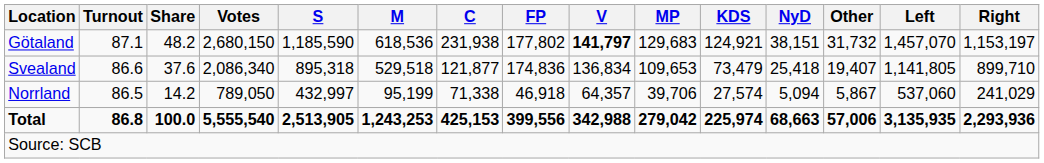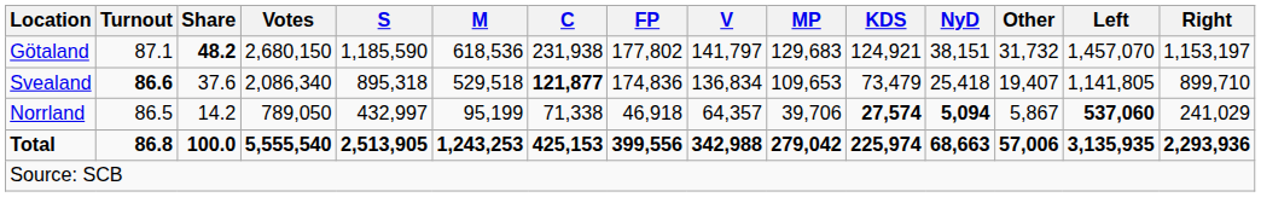 <table class="wikitable sortable" style=text-align:right>
 <tr>
 <th>Location</th>
 <th>Turnout</th>
 <th>Share</th>
 <th>Votes</th>
 <th><a href='#'>S</a></th>
 <th><a href='#'>M</a></th>
 <th><a href='#'>C</a></th>
 <th><a href='#'>FP</a></th>
 <th><a href='#'>V</a></th>
 <th><a href='#'>MP</a></th>
 <th><a href='#'>KDS</a></th>
 <th><a href='#'>NyD</a></th>
 <th>Other</th>
 <th>Left</th>
 <th>Right</th>
 </tr>
 <tr>
 <td align=left><a href='#'>Götaland</a></td>
 <td>87.1</td>
-<td>48.2</td>
+<td><strong>48.2</strong></td>
 <td>2,680,150</td>
 <td>1,185,590</td>
 <td>618,536</td>
 <td>231,938</td>
 <td>177,802</td>
-<td><strong>141,797</strong></td>
+<td>141,797</td>
 <td>129,683</td>
 <td>124,921</td>
 <td>38,151</td>
 <td>31,732</td>
 <td>1,457,070</td>
 <td>1,153,197</td>
 </tr>
 <tr>
 <td align=left><a href='#'>Svealand</a></td>
-<td>86.6</td>
+<td><strong>86.6</strong></td>
 <td>37.6</td>
 <td>2,086,340</td>
 <td>895,318</td>
 <td>529,518</td>
-<td>121,877</td>
+<td><strong>121,877</strong></td>
 <td>174,836</td>
 <td>136,834</td>
 <td>109,653</td>
 <td>73,479</td>
 <td>25,418</td>
 <td>19,407</td>
 <td>1,141,805</td>
 <td>899,710</td>
 </tr>
 <tr>
 <td align=left><a href='#'>Norrland</a></td>
 <td>86.5</td>
 <td>14.2</td>
 <td>789,050</td>
 <td>432,997</td>
 <td>95,199</td>
 <td>71,338</td>
 <td>46,918</td>
 <td>64,357</td>
 <td>39,706</td>
-<td>27,574</td>
-<td>5,094</td>
+<td><strong>27,574</strong></td>
+<td><strong>5,094</strong></td>
 <td>5,867</td>
-<td>537,060</td>
+<td><strong>537,060</strong></td>
 <td>241,029</td>
 </tr>
 <tr>
 <td align=left><strong>Total</strong></td>
 <td><strong>86.8</strong></td>
 <td><strong>100.0</strong></td>
 <td><strong>5,555,540</strong></td>
 <td><strong>2,513,905</strong></td>
 <td><strong>1,243,253</strong></td>
 <td><strong>425,153</strong></td>
 <td><strong>399,556</strong></td>
 <td><strong>342,988</strong></td>
 <td><strong>279,042</strong></td>
 <td><strong>225,974</strong></td>
 <td><strong>68,663</strong></td>
 <td><strong>57,006</strong></td>
 <td><strong>3,135,935</strong></td>
 <td><strong>2,293,936</strong></td>
 </tr>
 <tr>
 <td align=left colspan=15>Source: SCB </td>
 </tr>
 </table>
